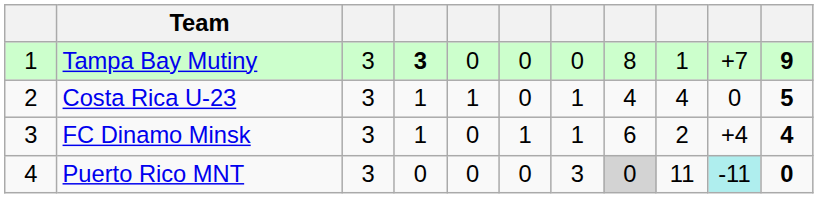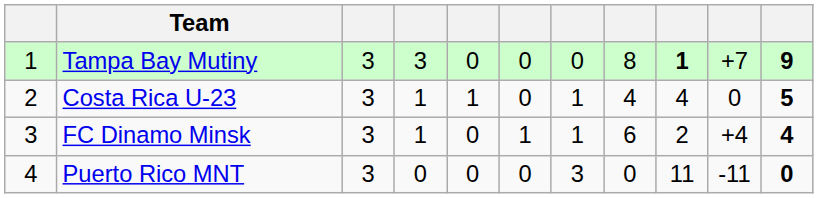 <table class="wikitable" style="text-align: center;">
 <tr>
 <th width="28"></th>
 <th width="185">Team</th>
 <th width="28"></th>
 <th width="28"></th>
 <th width="28"></th>
 <th width="28"></th>
 <th width="28"></th>
 <th width="28"></th>
 <th width="28"></th>
 <th width="28"></th>
 <th width="28"></th>
 </tr>
 <tr bgcolor="#ccffcc">
 <td>1</td>
 <td style="text-align:left;"> <a href='#'>Tampa Bay Mutiny</a></td>
 <td>3</td>
-<td><strong>3</strong></td>
+<td>3</td>
 <td>0</td>
 <td>0</td>
 <td>0</td>
 <td>8</td>
-<td>1</td>
+<td><strong>1</strong></td>
 <td>+7</td>
 <td><strong>9</strong></td>
 </tr>
 <tr>
 <td>2</td>
 <td style="text-align:left;"> <a href='#'>Costa Rica U-23</a></td>
 <td>3</td>
 <td>1</td>
 <td>1</td>
 <td>0</td>
 <td>1</td>
 <td>4</td>
 <td>4</td>
 <td>0</td>
 <td><strong>5</strong></td>
 </tr>
 <tr>
 <td>3</td>
 <td style="text-align:left;"> <a href='#'>FC Dinamo Minsk</a></td>
 <td>3</td>
 <td>1</td>
 <td>0</td>
 <td>1</td>
 <td>1</td>
 <td>6</td>
 <td>2</td>
 <td>+4</td>
 <td><strong>4</strong></td>
 </tr>
 <tr>
 <td>4</td>
 <td style="text-align:left;"> <a href='#'>Puerto Rico MNT</a></td>
 <td>3</td>
 <td>0</td>
 <td>0</td>
 <td>0</td>
 <td>3</td>
-<td style="background: lightgrey;">0</td>
+<td>0</td>
 <td>11</td>
-<td style="background: paleturquoise;">-11</td>
+<td>-11</td>
 <td><strong>0</strong></td>
 </tr>
 </table>
